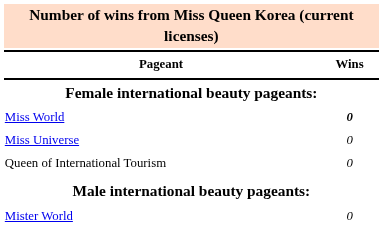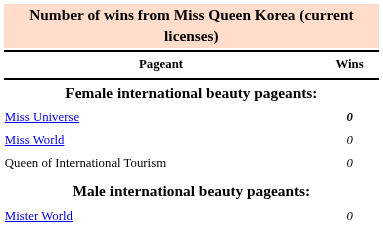 <table class="toccolours" style="width: 30em; float:right; margin-left:1em; font-size:80%; line-height:1.5em; width:30%;">
 <tr>
 <th colspan="2" align="center" style="background:#FFDDCA;"><big>Number of wins from Miss Queen Korea (current licenses)</big></th>
 </tr>
 <tr>
 <td colspan="2" style="background:black"></td>
 </tr>
 <tr>
 <th scope="col">Pageant</th>
 <th scope="col">Wins</th>
 </tr>
 <tr>
 <td colspan="2" style="background:black"></td>
 </tr>
 <tr>
 <th colspan="2" align="center"><big>Female international beauty pageants:</big></th>
 </tr>
 <tr>
-<td align="left"><a href='#'>Miss World</a></td>
+<td align="left"><a href='#'>Miss Universe</a></td>
 <td align="center"><strong><em>0</em></strong></td>
 </tr>
 <tr>
-<td align="left"><a href='#'>Miss Universe</a></td>
+<td align="left"><a href='#'>Miss World</a></td>
 <td align="center"><em>0</em></td>
 </tr>
 <tr>
 <td align="left">Queen of International Tourism</td>
 <td align="center"><em>0</em></td>
 </tr>
 <tr>
 <td colspan=2></td>
 </tr>
 <tr>
 <th colspan="2" align="center"><big>Male international beauty pageants:</big></th>
 </tr>
 <tr>
 <td><a href='#'>Mister World</a></td>
 <td align="center"><em>0</em></td>
 </tr>
 </table>
